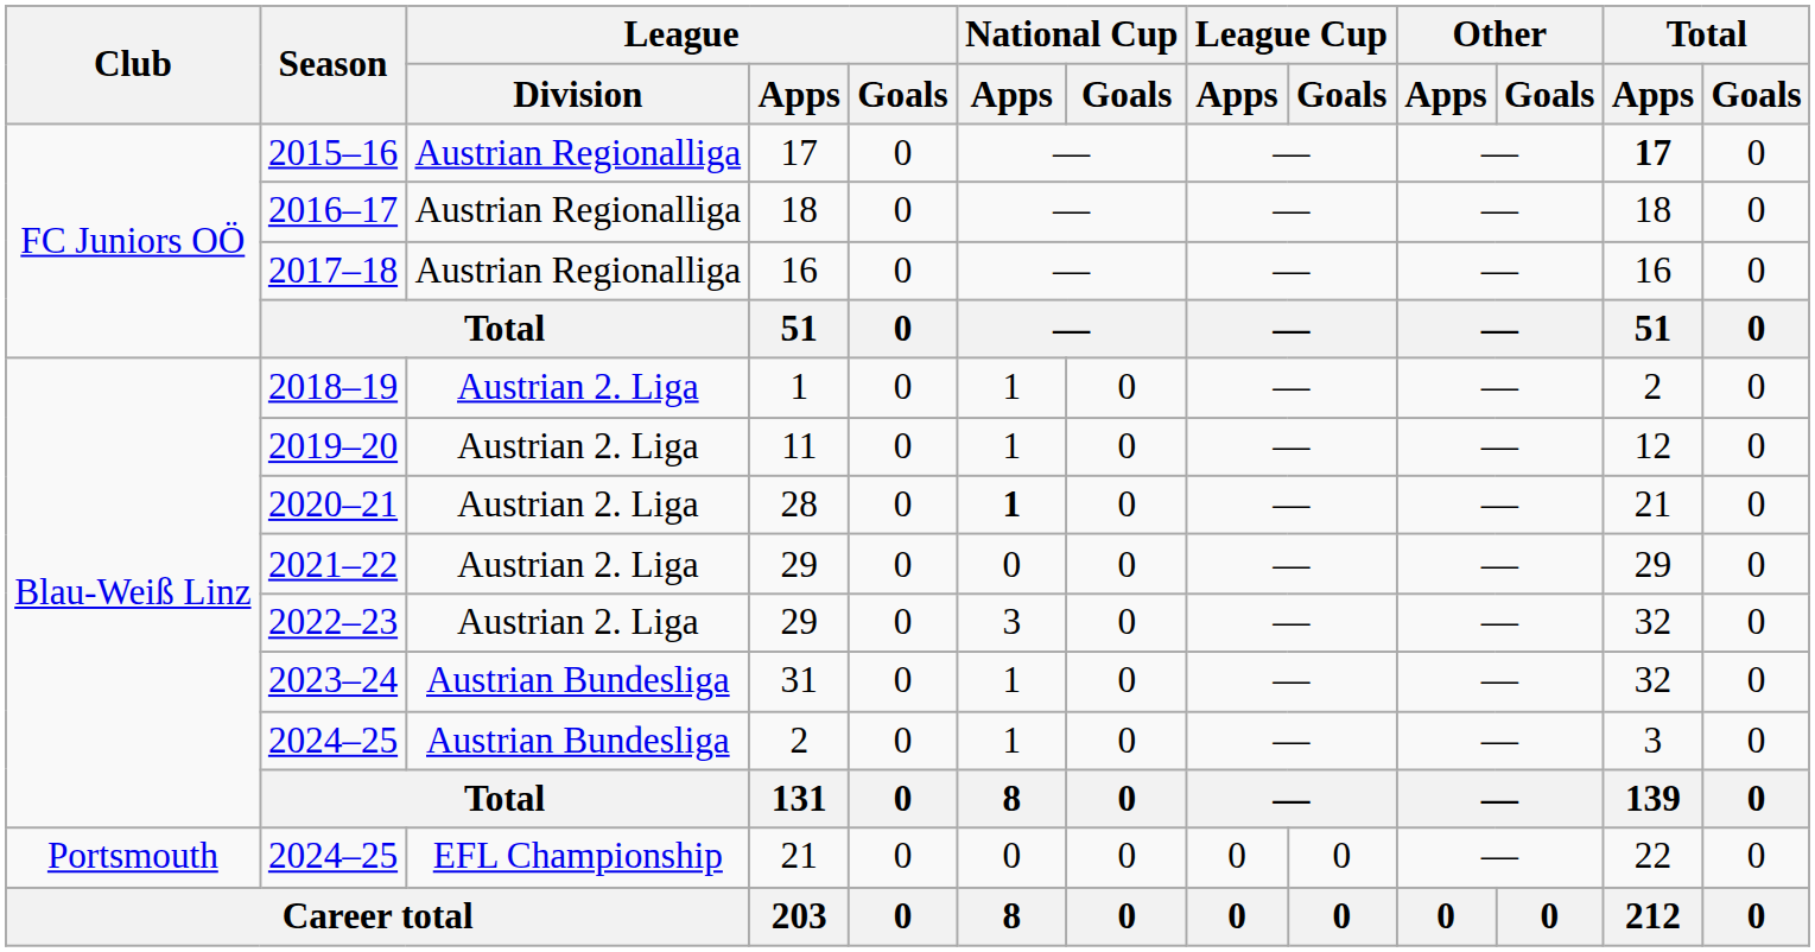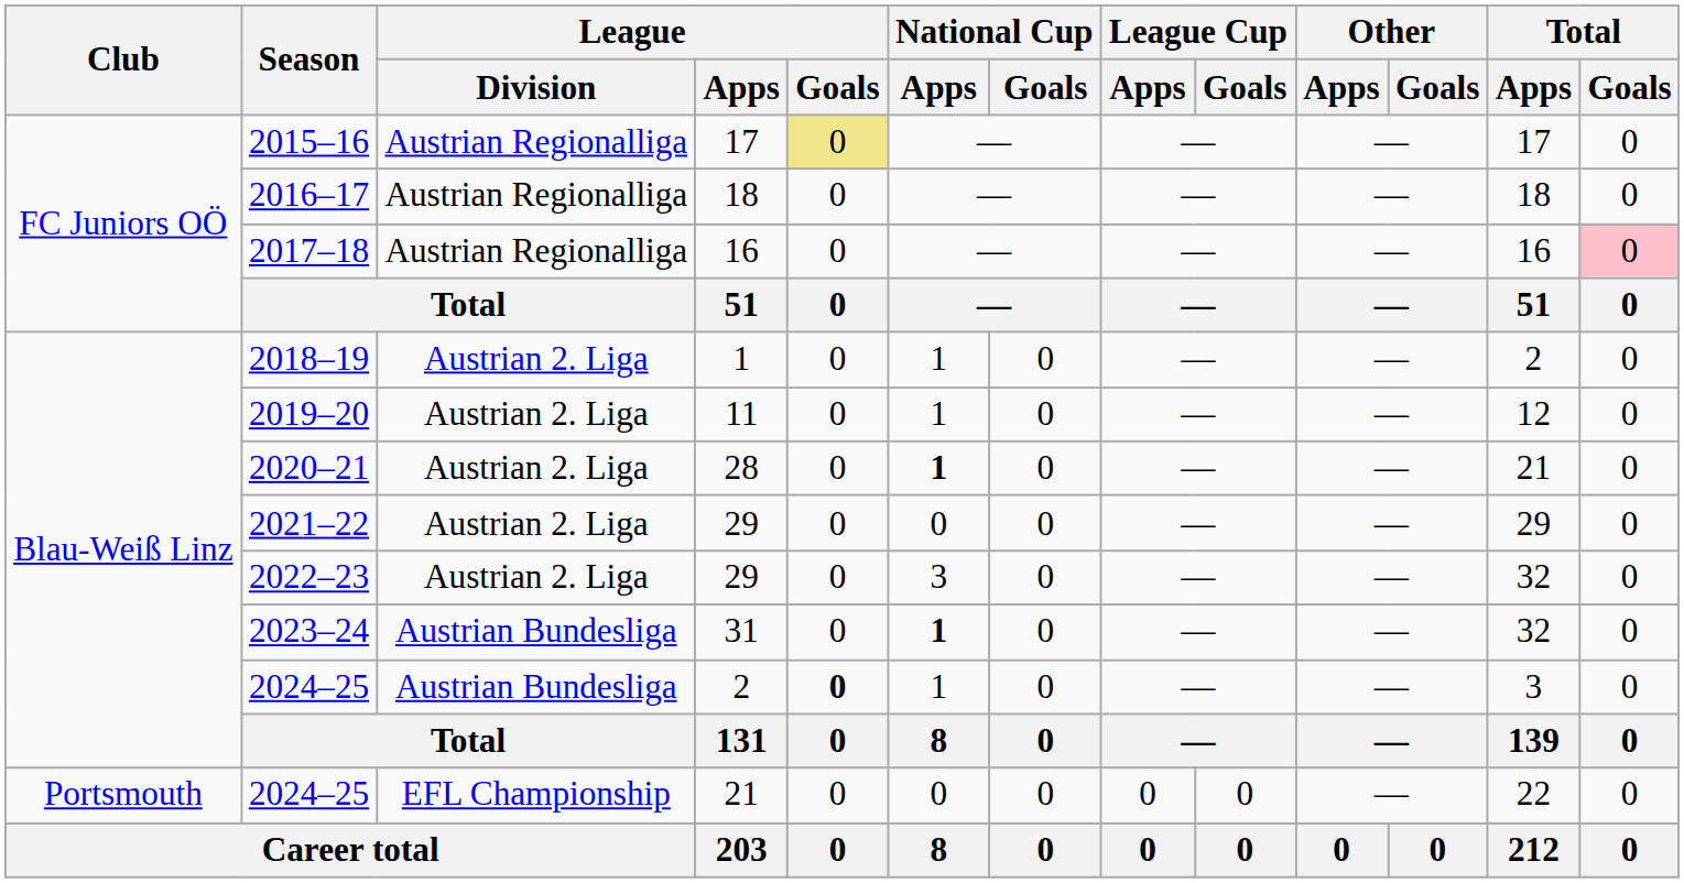 <table class="wikitable" style="text-align: center;">
 <tr>
 <th rowspan="2">Club</th>
 <th rowspan="2">Season</th>
 <th colspan="3">League</th>
 <th colspan="2">National Cup</th>
 <th colspan="2">League Cup</th>
 <th colspan="2">Other</th>
 <th colspan="2">Total</th>
 </tr>
 <tr>
 <th>Division</th>
 <th>Apps</th>
 <th>Goals</th>
 <th>Apps</th>
 <th>Goals</th>
 <th>Apps</th>
 <th>Goals</th>
 <th>Apps</th>
 <th>Goals</th>
 <th>Apps</th>
 <th>Goals</th>
 </tr>
 <tr>
 <td rowspan=4><a href='#'>FC Juniors OÖ</a></td>
 <td><a href='#'>2015–16</a></td>
 <td><a href='#'>Austrian Regionalliga</a></td>
 <td>17</td>
-<td>0</td>
+<td style="background: khaki;">0</td>
 <td colspan=2>—</td>
 <td colspan=2>—</td>
 <td colspan=2>—</td>
-<td><strong>17</strong></td>
+<td>17</td>
 <td>0</td>
 </tr>
 <tr>
 <td><a href='#'>2016–17</a></td>
 <td>Austrian Regionalliga</td>
 <td>18</td>
 <td>0</td>
 <td colspan=2>—</td>
 <td colspan=2>—</td>
 <td colspan=2>—</td>
 <td>18</td>
 <td>0</td>
 </tr>
 <tr>
 <td><a href='#'>2017–18</a></td>
 <td>Austrian Regionalliga</td>
 <td>16</td>
 <td>0</td>
 <td colspan=2>—</td>
 <td colspan=2>—</td>
 <td colspan=2>—</td>
 <td>16</td>
-<td>0</td>
+<td style="background: pink;">0</td>
 </tr>
 <tr>
 <th colspan=2>Total</th>
 <th>51</th>
 <th>0</th>
 <th colspan=2>—</th>
 <th colspan=2>—</th>
 <th colspan=2>—</th>
 <th>51</th>
 <th>0</th>
 </tr>
 <tr>
 <td rowspan=8><a href='#'>Blau-Weiß Linz</a></td>
 <td><a href='#'>2018–19</a></td>
 <td><a href='#'>Austrian 2. Liga</a></td>
 <td>1</td>
 <td>0</td>
 <td>1</td>
 <td>0</td>
 <td colspan=2>—</td>
 <td colspan=2>—</td>
 <td>2</td>
 <td>0</td>
 </tr>
 <tr>
 <td><a href='#'>2019–20</a></td>
 <td>Austrian 2. Liga</td>
 <td>11</td>
 <td>0</td>
 <td>1</td>
 <td>0</td>
 <td colspan=2>—</td>
 <td colspan=2>—</td>
 <td>12</td>
 <td>0</td>
 </tr>
 <tr>
 <td><a href='#'>2020–21</a></td>
 <td>Austrian 2. Liga</td>
 <td>28</td>
 <td>0</td>
 <td><strong>1</strong></td>
 <td>0</td>
 <td colspan=2>—</td>
 <td colspan=2>—</td>
 <td>21</td>
 <td>0</td>
 </tr>
 <tr>
 <td><a href='#'>2021–22</a></td>
 <td>Austrian 2. Liga</td>
 <td>29</td>
 <td>0</td>
 <td>0</td>
 <td>0</td>
 <td colspan=2>—</td>
 <td colspan=2>—</td>
 <td>29</td>
 <td>0</td>
 </tr>
 <tr>
 <td><a href='#'>2022–23</a></td>
 <td>Austrian 2. Liga</td>
 <td>29</td>
 <td>0</td>
 <td>3</td>
 <td>0</td>
 <td colspan=2>—</td>
 <td colspan=2>—</td>
 <td>32</td>
 <td>0</td>
 </tr>
 <tr>
 <td><a href='#'>2023–24</a></td>
 <td><a href='#'>Austrian Bundesliga</a></td>
 <td>31</td>
 <td>0</td>
-<td>1</td>
+<td><strong>1</strong></td>
 <td>0</td>
 <td colspan=2>—</td>
 <td colspan=2>—</td>
 <td>32</td>
 <td>0</td>
 </tr>
 <tr>
 <td><a href='#'>2024–25</a></td>
 <td><a href='#'>Austrian Bundesliga</a></td>
 <td>2</td>
-<td>0</td>
+<td><strong>0</strong></td>
 <td>1</td>
 <td>0</td>
 <td colspan=2>—</td>
 <td colspan=2>—</td>
 <td>3</td>
 <td>0</td>
 </tr>
 <tr>
 <th colspan=2>Total</th>
 <th>131</th>
 <th>0</th>
 <th>8</th>
 <th>0</th>
 <th colspan=2>—</th>
 <th colspan=2>—</th>
 <th>139</th>
 <th>0</th>
 </tr>
 <tr>
 <td><a href='#'>Portsmouth</a></td>
 <td><a href='#'>2024–25</a></td>
 <td><a href='#'>EFL Championship</a></td>
 <td>21</td>
 <td>0</td>
 <td>0</td>
 <td>0</td>
 <td>0</td>
 <td>0</td>
 <td colspan=2>—</td>
 <td>22</td>
 <td>0</td>
 </tr>
 <tr>
 <th colspan="3">Career total</th>
 <th>203</th>
 <th>0</th>
 <th>8</th>
 <th>0</th>
 <th>0</th>
 <th>0</th>
 <th>0</th>
 <th>0</th>
 <th>212</th>
 <th>0</th>
 </tr>
 </table>
